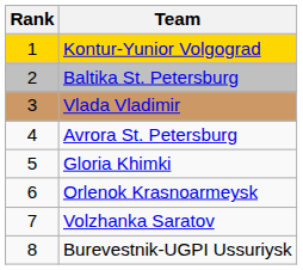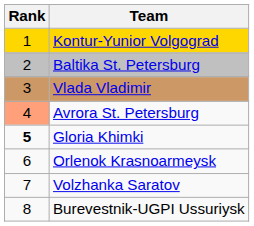 <table class="wikitable" style="text-align: center;">
 <tr>
 <th width=40>Rank</th>
 <th>Team</th>
 </tr>
 <tr style="background:gold">
 <td>1</td>
 <td align=left> <a href='#'>Kontur-Yunior Volgograd</a></td>
 </tr>
 <tr style="background:silver">
 <td>2</td>
 <td align=left> <a href='#'>Baltika St. Petersburg</a></td>
 </tr>
 <tr style="background:#CC9966">
 <td>3</td>
 <td align=left> <a href='#'>Vlada Vladimir</a></td>
 </tr>
 <tr>
-<td>4</td>
+<td style="background: lightsalmon;">4</td>
 <td align=left> <a href='#'>Avrora St. Petersburg</a></td>
 </tr>
 <tr>
-<td>5</td>
+<td><strong>5</strong></td>
 <td align=left> <a href='#'>Gloria Khimki</a></td>
 </tr>
 <tr>
 <td>6</td>
 <td align=left> <a href='#'>Orlenok Krasnoarmeysk</a></td>
 </tr>
 <tr>
 <td>7</td>
 <td align=left> <a href='#'>Volzhanka Saratov</a></td>
 </tr>
 <tr>
 <td>8</td>
 <td align=left> Burevestnik-UGPI Ussuriysk</td>
 </tr>
 </table>
